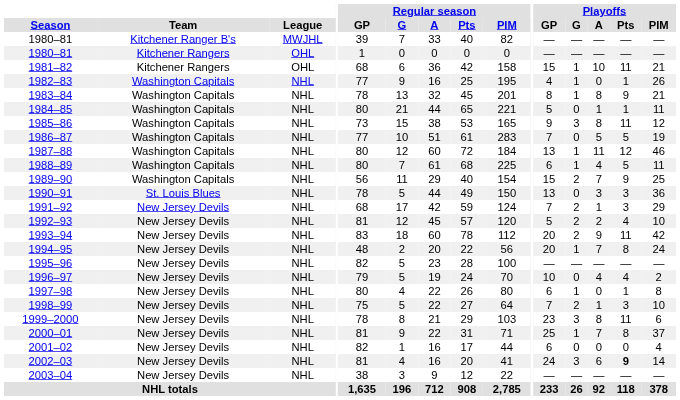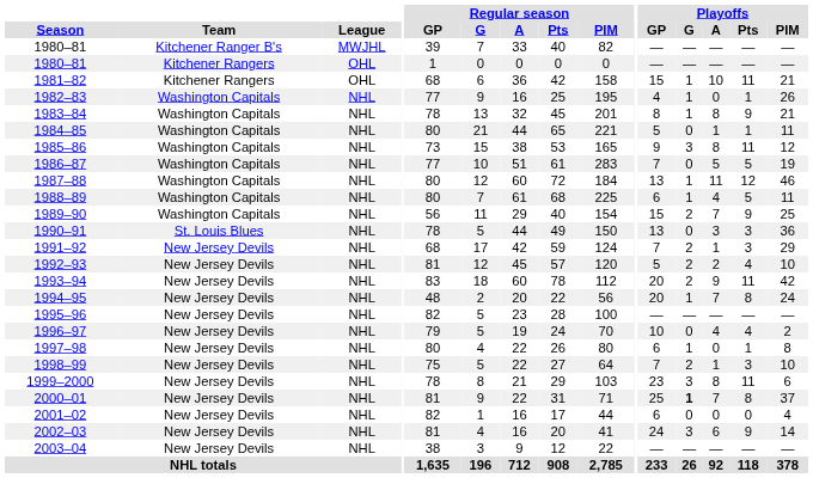 <table border="0" cellpadding="1" cellspacing="0" style="text-align:center; width:60em">
 <tr bgcolor="#e0e0e0">
 <th colspan="3" bgcolor="#ffffff"></th>
 <th rowspan="99" bgcolor="#ffffff"></th>
 <th colspan="5"><a href='#'>Regular season</a></th>
 <th rowspan="99" bgcolor="#ffffff"></th>
 <th colspan="5"><a href='#'>Playoffs</a></th>
 </tr>
 <tr bgcolor="#e0e0e0">
 <th><a href='#'>Season</a></th>
 <th>Team</th>
 <th>League</th>
 <th>GP</th>
 <th><a href='#'>G</a></th>
 <th><a href='#'>A</a></th>
 <th><a href='#'>Pts</a></th>
 <th><a href='#'>PIM</a></th>
 <th>GP</th>
 <th>G</th>
 <th>A</th>
 <th>Pts</th>
 <th>PIM</th>
 </tr>
 <tr>
 <td>1980–81</td>
 <td><a href='#'>Kitchener Ranger B's</a></td>
 <td><a href='#'>MWJHL</a></td>
 <td>39</td>
 <td>7</td>
 <td>33</td>
 <td>40</td>
 <td>82</td>
 <td>—</td>
 <td>—</td>
 <td>—</td>
 <td>—</td>
 <td>—</td>
 </tr>
 <tr bgcolor="#f0f0f0">
 <td><a href='#'>1980–81</a></td>
 <td><a href='#'>Kitchener Rangers</a></td>
 <td><a href='#'>OHL</a></td>
 <td>1</td>
 <td>0</td>
 <td>0</td>
 <td>0</td>
 <td>0</td>
 <td>—</td>
 <td>—</td>
 <td>—</td>
 <td>—</td>
 <td>—</td>
 </tr>
 <tr>
 <td><a href='#'>1981–82</a></td>
 <td>Kitchener Rangers</td>
 <td>OHL</td>
 <td>68</td>
 <td>6</td>
 <td>36</td>
 <td>42</td>
 <td>158</td>
 <td>15</td>
 <td>1</td>
 <td>10</td>
 <td>11</td>
 <td>21</td>
 </tr>
 <tr bgcolor="#f0f0f0">
 <td><a href='#'>1982–83</a></td>
 <td><a href='#'>Washington Capitals</a></td>
 <td><a href='#'>NHL</a></td>
 <td>77</td>
 <td>9</td>
 <td>16</td>
 <td>25</td>
 <td>195</td>
 <td>4</td>
 <td>1</td>
 <td>0</td>
 <td>1</td>
 <td>26</td>
 </tr>
 <tr>
 <td><a href='#'>1983–84</a></td>
 <td>Washington Capitals</td>
 <td>NHL</td>
 <td>78</td>
 <td>13</td>
 <td>32</td>
 <td>45</td>
 <td>201</td>
 <td>8</td>
 <td>1</td>
 <td>8</td>
 <td>9</td>
 <td>21</td>
 </tr>
 <tr bgcolor="#f0f0f0">
 <td><a href='#'>1984–85</a></td>
 <td>Washington Capitals</td>
 <td>NHL</td>
 <td>80</td>
 <td>21</td>
 <td>44</td>
 <td>65</td>
 <td>221</td>
 <td>5</td>
 <td>0</td>
 <td>1</td>
 <td>1</td>
 <td>11</td>
 </tr>
 <tr>
 <td><a href='#'>1985–86</a></td>
 <td>Washington Capitals</td>
 <td>NHL</td>
 <td>73</td>
 <td>15</td>
 <td>38</td>
 <td>53</td>
 <td>165</td>
 <td>9</td>
 <td>3</td>
 <td>8</td>
 <td>11</td>
 <td>12</td>
 </tr>
 <tr bgcolor="#f0f0f0">
 <td><a href='#'>1986–87</a></td>
 <td>Washington Capitals</td>
 <td>NHL</td>
 <td>77</td>
 <td>10</td>
 <td>51</td>
 <td>61</td>
 <td>283</td>
 <td>7</td>
 <td>0</td>
 <td>5</td>
 <td>5</td>
 <td>19</td>
 </tr>
 <tr>
 <td><a href='#'>1987–88</a></td>
 <td>Washington Capitals</td>
 <td>NHL</td>
 <td>80</td>
 <td>12</td>
 <td>60</td>
 <td>72</td>
 <td>184</td>
 <td>13</td>
 <td>1</td>
 <td>11</td>
 <td>12</td>
 <td>46</td>
 </tr>
 <tr bgcolor="#f0f0f0">
 <td><a href='#'>1988–89</a></td>
 <td>Washington Capitals</td>
 <td>NHL</td>
 <td>80</td>
 <td>7</td>
 <td>61</td>
 <td>68</td>
 <td>225</td>
 <td>6</td>
 <td>1</td>
 <td>4</td>
 <td>5</td>
 <td>11</td>
 </tr>
 <tr>
 <td><a href='#'>1989–90</a></td>
 <td>Washington Capitals</td>
 <td>NHL</td>
 <td>56</td>
 <td>11</td>
 <td>29</td>
 <td>40</td>
 <td>154</td>
 <td>15</td>
 <td>2</td>
 <td>7</td>
 <td>9</td>
 <td>25</td>
 </tr>
 <tr bgcolor="#f0f0f0">
 <td><a href='#'>1990–91</a></td>
 <td><a href='#'>St. Louis Blues</a></td>
 <td>NHL</td>
 <td>78</td>
 <td>5</td>
 <td>44</td>
 <td>49</td>
 <td>150</td>
 <td>13</td>
 <td>0</td>
 <td>3</td>
 <td>3</td>
 <td>36</td>
 </tr>
 <tr>
 <td><a href='#'>1991–92</a></td>
 <td><a href='#'>New Jersey Devils</a></td>
 <td>NHL</td>
 <td>68</td>
 <td>17</td>
 <td>42</td>
 <td>59</td>
 <td>124</td>
 <td>7</td>
 <td>2</td>
 <td>1</td>
 <td>3</td>
 <td>29</td>
 </tr>
 <tr bgcolor="#f0f0f0">
 <td><a href='#'>1992–93</a></td>
 <td>New Jersey Devils</td>
 <td>NHL</td>
 <td>81</td>
 <td>12</td>
 <td>45</td>
 <td>57</td>
 <td>120</td>
 <td>5</td>
 <td>2</td>
 <td>2</td>
 <td>4</td>
 <td>10</td>
 </tr>
 <tr>
 <td><a href='#'>1993–94</a></td>
 <td>New Jersey Devils</td>
 <td>NHL</td>
 <td>83</td>
 <td>18</td>
 <td>60</td>
 <td>78</td>
 <td>112</td>
 <td>20</td>
 <td>2</td>
 <td>9</td>
 <td>11</td>
 <td>42</td>
 </tr>
 <tr bgcolor="#f0f0f0">
 <td><a href='#'>1994–95</a></td>
 <td>New Jersey Devils</td>
 <td>NHL</td>
 <td>48</td>
 <td>2</td>
 <td>20</td>
 <td>22</td>
 <td>56</td>
 <td>20</td>
 <td>1</td>
 <td>7</td>
 <td>8</td>
 <td>24</td>
 </tr>
 <tr>
 <td><a href='#'>1995–96</a></td>
 <td>New Jersey Devils</td>
 <td>NHL</td>
 <td>82</td>
 <td>5</td>
 <td>23</td>
 <td>28</td>
 <td>100</td>
 <td>—</td>
 <td>—</td>
 <td>—</td>
 <td>—</td>
 <td>—</td>
 </tr>
 <tr bgcolor="#f0f0f0">
 <td><a href='#'>1996–97</a></td>
 <td>New Jersey Devils</td>
 <td>NHL</td>
 <td>79</td>
 <td>5</td>
 <td>19</td>
 <td>24</td>
 <td>70</td>
 <td>10</td>
 <td>0</td>
 <td>4</td>
 <td>4</td>
 <td>2</td>
 </tr>
 <tr>
 <td><a href='#'>1997–98</a></td>
 <td>New Jersey Devils</td>
 <td>NHL</td>
 <td>80</td>
 <td>4</td>
 <td>22</td>
 <td>26</td>
 <td>80</td>
 <td>6</td>
 <td>1</td>
 <td>0</td>
 <td>1</td>
 <td>8</td>
 </tr>
 <tr bgcolor="#f0f0f0">
 <td><a href='#'>1998–99</a></td>
 <td>New Jersey Devils</td>
 <td>NHL</td>
 <td>75</td>
 <td>5</td>
 <td>22</td>
 <td>27</td>
 <td>64</td>
 <td>7</td>
 <td>2</td>
 <td>1</td>
 <td>3</td>
 <td>10</td>
 </tr>
 <tr>
 <td><a href='#'>1999–2000</a></td>
 <td>New Jersey Devils</td>
 <td>NHL</td>
 <td>78</td>
 <td>8</td>
 <td>21</td>
 <td>29</td>
 <td>103</td>
 <td>23</td>
 <td>3</td>
 <td>8</td>
 <td>11</td>
 <td>6</td>
 </tr>
 <tr bgcolor="#f0f0f0">
 <td><a href='#'>2000–01</a></td>
 <td>New Jersey Devils</td>
 <td>NHL</td>
 <td>81</td>
 <td>9</td>
 <td>22</td>
 <td>31</td>
 <td>71</td>
 <td>25</td>
-<td>1</td>
+<td><strong>1</strong></td>
 <td>7</td>
 <td>8</td>
 <td>37</td>
 </tr>
 <tr>
 <td><a href='#'>2001–02</a></td>
 <td>New Jersey Devils</td>
 <td>NHL</td>
 <td>82</td>
 <td>1</td>
 <td>16</td>
 <td>17</td>
 <td>44</td>
 <td>6</td>
 <td>0</td>
 <td>0</td>
 <td>0</td>
 <td>4</td>
 </tr>
 <tr bgcolor="#f0f0f0">
 <td><a href='#'>2002–03</a></td>
 <td>New Jersey Devils</td>
 <td>NHL</td>
 <td>81</td>
 <td>4</td>
 <td>16</td>
 <td>20</td>
 <td>41</td>
 <td>24</td>
 <td>3</td>
 <td>6</td>
-<td><strong>9</strong></td>
+<td>9</td>
 <td>14</td>
 </tr>
 <tr>
 <td><a href='#'>2003–04</a></td>
 <td>New Jersey Devils</td>
 <td>NHL</td>
 <td>38</td>
 <td>3</td>
 <td>9</td>
 <td>12</td>
 <td>22</td>
 <td>—</td>
 <td>—</td>
 <td>—</td>
 <td>—</td>
 <td>—</td>
 </tr>
 <tr bgcolor="#e0e0e0">
 <th colspan="3">NHL totals</th>
 <th>1,635</th>
 <th>196</th>
 <th>712</th>
 <th>908</th>
 <th>2,785</th>
 <th>233</th>
 <th>26</th>
 <th>92</th>
 <th>118</th>
 <th>378</th>
 </tr>
 </table>
